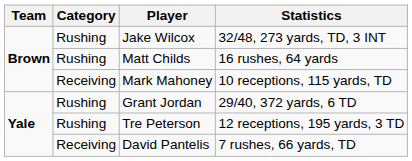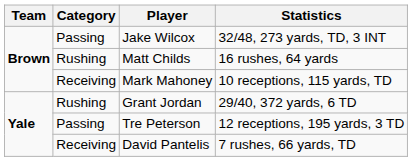 <table class="wikitable" style="float: right;">
 <tr>
 <th>Team</th>
 <th>Category</th>
 <th>Player</th>
 <th>Statistics</th>
 </tr>
 <tr>
 <td rowspan=3><strong>Brown</strong></td>
-<td>Rushing</td>
+<td>Passing</td>
 <td>Jake Wilcox</td>
 <td>32/48, 273 yards, TD, 3 INT</td>
 </tr>
 <tr>
 <td>Rushing</td>
 <td>Matt Childs</td>
 <td>16 rushes, 64 yards</td>
 </tr>
 <tr>
 <td>Receiving</td>
 <td>Mark Mahoney</td>
 <td>10 receptions, 115 yards, TD</td>
 </tr>
 <tr>
 <td rowspan=3><strong>Yale</strong></td>
 <td>Rushing</td>
 <td>Grant Jordan</td>
 <td>29/40, 372 yards, 6 TD</td>
 </tr>
 <tr>
-<td>Rushing</td>
+<td>Passing</td>
 <td>Tre Peterson</td>
 <td>12 receptions, 195 yards, 3 TD</td>
 </tr>
 <tr>
 <td>Receiving</td>
 <td>David Pantelis</td>
 <td>7 rushes, 66 yards, TD</td>
 </tr>
 </table>
